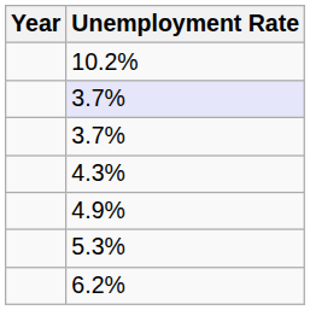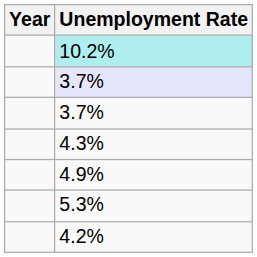 <table class="wikitable">
 <tr>
 <th>Year</th>
 <th>Unemployment Rate</th>
 </tr>
 <tr>
 <td></td>
-<td><span>10.2%</span></td>
+<td style="background: paleturquoise;"><span>10.2%</span></td>
 </tr>
 <tr>
 <td></td>
 <td style="background: lavender;"><span>3.7%</span></td>
 </tr>
 <tr>
 <td></td>
 <td>3.7%</td>
 </tr>
 <tr>
 <td></td>
 <td>4.3% </td>
 </tr>
 <tr>
 <td></td>
 <td>4.9% </td>
 </tr>
 <tr>
 <td></td>
 <td>5.3% </td>
 </tr>
 <tr>
 <td></td>
-<td>6.2% </td>
+<td>4.2% </td>
 </tr>
 </table>
